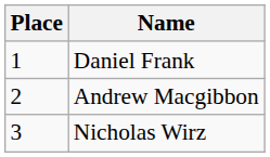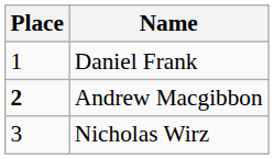 <table class="wikitable">
 <tr>
 <th>Place</th>
 <th>Name</th>
 </tr>
 <tr>
 <td>1</td>
 <td> Daniel Frank</td>
 </tr>
 <tr>
-<td>2</td>
+<td><strong>2</strong></td>
 <td> Andrew Macgibbon</td>
 </tr>
 <tr>
 <td>3</td>
 <td> Nicholas Wirz</td>
 </tr>
 </table>
